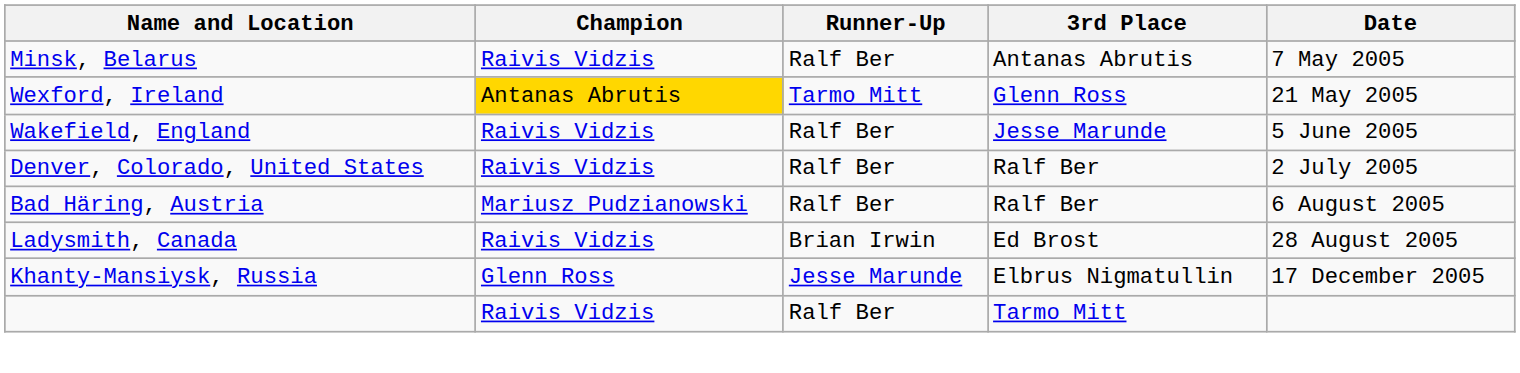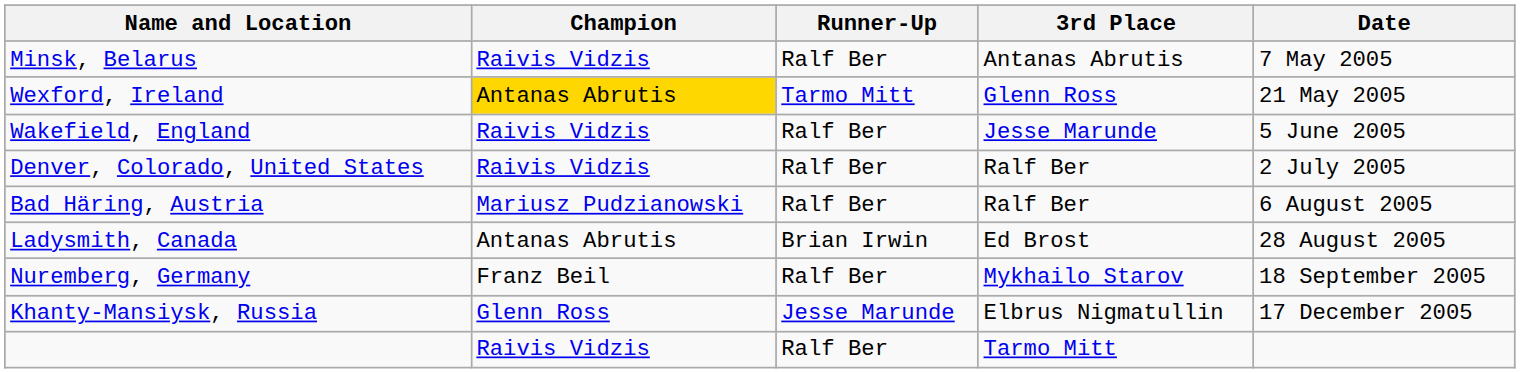 <table class="wikitable" style="display: inline-table;width: 100%;">
 <tr>
 <th>Name and Location</th>
 <th>Champion</th>
 <th>Runner-Up</th>
 <th>3rd Place</th>
 <th>Date</th>
 </tr>
 <tr>
 <td> <a href='#'>Minsk</a>, <a href='#'>Belarus</a><br> </td>
 <td> <a href='#'>Raivis Vidzis</a></td>
 <td> Ralf Ber</td>
 <td> Antanas Abrutis</td>
 <td>7 May 2005</td>
 </tr>
 <tr>
 <td> <a href='#'>Wexford</a>, <a href='#'>Ireland</a><br> </td>
 <td style="background: gold;"> Antanas Abrutis</td>
 <td> <a href='#'>Tarmo Mitt</a></td>
 <td> <a href='#'>Glenn Ross</a></td>
 <td>21 May 2005</td>
 </tr>
 <tr>
 <td> <a href='#'>Wakefield</a>, <a href='#'>England</a><br> </td>
 <td> <a href='#'>Raivis Vidzis</a></td>
 <td> Ralf Ber</td>
 <td> <a href='#'>Jesse Marunde</a></td>
 <td>5 June 2005</td>
 </tr>
 <tr>
 <td> <a href='#'>Denver</a>, <a href='#'>Colorado</a>, <a href='#'>United States</a><br> </td>
 <td> <a href='#'>Raivis Vidzis</a></td>
 <td> Ralf Ber</td>
 <td> Ralf Ber</td>
 <td>2 July 2005</td>
 </tr>
 <tr>
 <td> <a href='#'>Bad Häring</a>, <a href='#'>Austria</a><br> </td>
 <td> <a href='#'>Mariusz Pudzianowski</a></td>
 <td> Ralf Ber</td>
 <td> Ralf Ber</td>
 <td>6 August 2005</td>
 </tr>
 <tr>
 <td> <a href='#'>Ladysmith</a>, <a href='#'>Canada</a><br> </td>
-<td> <a href='#'>Raivis Vidzis</a></td>
+<td> Antanas Abrutis</td>
 <td> Brian Irwin</td>
 <td> Ed Brost</td>
 <td>28 August 2005</td>
+</tr>
+<tr>
+<td> <a href='#'>Nuremberg</a>, <a href='#'>Germany</a><br> </td>
+<td> Franz Beil</td>
+<td> Ralf Ber</td>
+<td> <a href='#'>Mykhailo Starov</a></td>
+<td>18 September 2005</td>
 </tr>
 <tr>
 <td> <a href='#'>Khanty-Mansiysk</a>, <a href='#'>Russia</a><br> </td>
 <td> <a href='#'>Glenn Ross</a></td>
 <td> <a href='#'>Jesse Marunde</a></td>
 <td> Elbrus Nigmatullin</td>
 <td>17 December 2005</td>
 </tr>
 <tr>
 <td></td>
 <td> <a href='#'>Raivis Vidzis</a></td>
 <td> Ralf Ber</td>
 <td> <a href='#'>Tarmo Mitt</a></td>
 </tr>
 </table>
